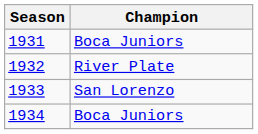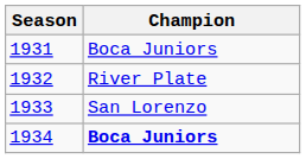 <table class="wikitable sortable">
 <tr>
 <th width=50px>Season</th>
 <th width=150px>Champion</th>
 </tr>
 <tr>
 <td><a href='#'>1931</a></td>
 <td><a href='#'>Boca Juniors</a></td>
 </tr>
 <tr>
 <td><a href='#'>1932</a></td>
 <td><a href='#'>River Plate</a></td>
 </tr>
 <tr>
 <td><a href='#'>1933</a></td>
 <td><a href='#'>San Lorenzo</a></td>
 </tr>
 <tr>
 <td><a href='#'>1934</a></td>
-<td><a href='#'>Boca Juniors</a></td>
+<td><strong><a href='#'>Boca Juniors</a></strong></td>
 </tr>
 </table>
